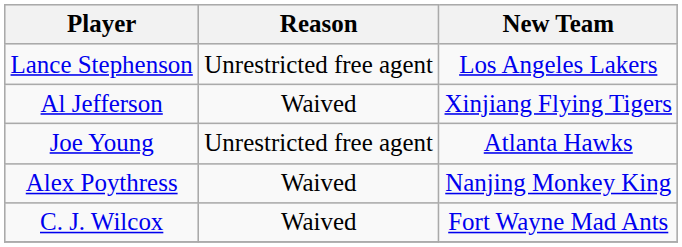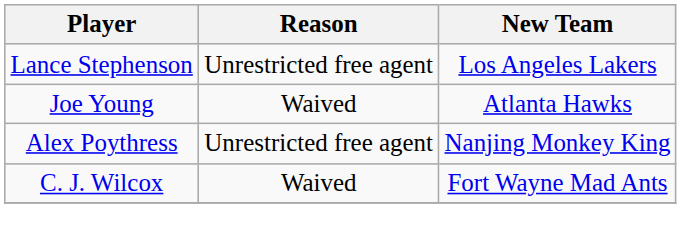 <table class="wikitable sortable sortable" style="text-align: center">
 <tr>
 <th>Player</th>
 <th>Reason</th>
 <th>New Team</th>
 </tr>
 <tr>
 <td><a href='#'>Lance Stephenson</a></td>
 <td>Unrestricted free agent</td>
 <td><a href='#'>Los Angeles Lakers</a></td>
 </tr>
 <tr>
-<td><a href='#'>Al Jefferson</a></td>
+<td><a href='#'>Joe Young</a></td>
 <td>Waived</td>
-<td> <a href='#'>Xinjiang Flying Tigers</a></td>
-</tr>
-<tr>
-<td><a href='#'>Joe Young</a></td>
-<td>Unrestricted free agent</td>
 <td><a href='#'>Atlanta Hawks</a></td>
 </tr>
 <tr>
 <td><a href='#'>Alex Poythress</a></td>
-<td>Waived</td>
+<td>Unrestricted free agent</td>
 <td> <a href='#'>Nanjing Monkey King</a></td>
 </tr>
 <tr>
 <td><a href='#'>C. J. Wilcox</a></td>
 <td>Waived</td>
 <td><a href='#'>Fort Wayne Mad Ants</a></td>
 </tr>
 <tr>
 </tr>
 </table>
